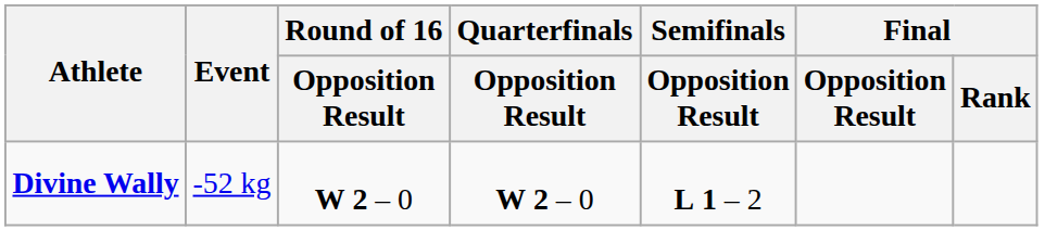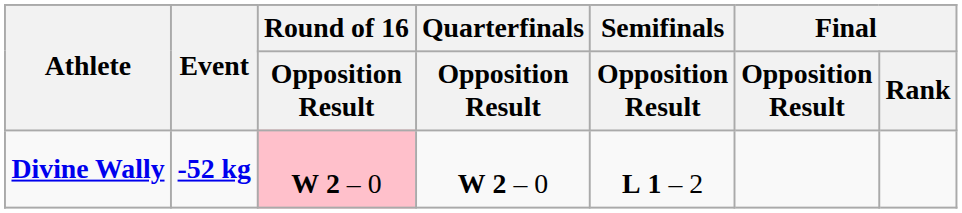 <table class="wikitable" border="1" style="font-size:90%">
 <tr>
 <th rowspan=2>Athlete</th>
 <th rowspan=2>Event</th>
 <th>Round of 16</th>
 <th>Quarterfinals</th>
 <th>Semifinals</th>
 <th colspan=2>Final</th>
 </tr>
 <tr>
 <th>Opposition<br>Result</th>
 <th>Opposition<br>Result</th>
 <th>Opposition<br>Result</th>
 <th>Opposition<br>Result</th>
 <th>Rank</th>
 </tr>
 <tr>
 <td><strong><a href='#'>Divine Wally</a></strong></td>
-<td><a href='#'>-52 kg</a></td>
-<td align=center> <br> <strong>W</strong> <strong>2</strong> – 0</td>
+<td><strong><a href='#'>-52 kg</a></strong></td>
+<td align=center style="background: pink;"> <br> <strong>W</strong> <strong>2</strong> – 0</td>
 <td align=center> <br> <strong>W</strong> <strong>2</strong> – 0</td>
 <td align=center> <br> <strong>L</strong> <strong>1</strong> – 2</td>
 <td></td>
 <td align=center></td>
 </tr>
 </table>
